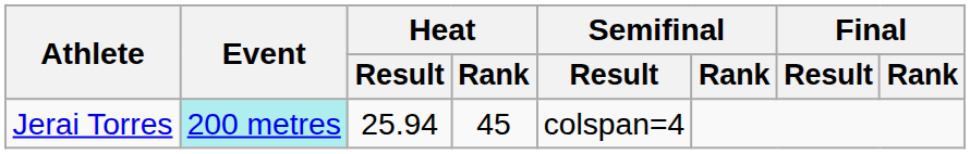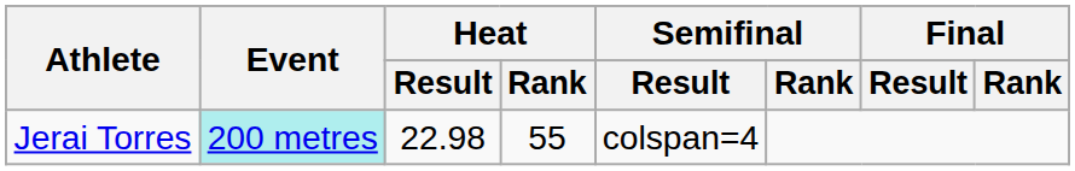 <table class="wikitable" style="font-size:90%">
 <tr>
 <th rowspan="2">Athlete</th>
 <th rowspan="2">Event</th>
 <th colspan="2">Heat</th>
 <th colspan="2">Semifinal</th>
 <th colspan="2">Final</th>
 </tr>
 <tr style="font-size:95%">
 <th>Result</th>
 <th>Rank</th>
 <th>Result</th>
 <th>Rank</th>
 <th>Result</th>
 <th>Rank</th>
 </tr>
 <tr align=center>
 <td align=left><a href='#'>Jerai Torres</a></td>
 <td align=left style="background: paleturquoise;"><a href='#'>200 metres</a></td>
-<td>25.94</td>
-<td>45</td>
+<td>22.98</td>
+<td>55</td>
 <td>colspan=4 </td>
 </tr>
 </table>
